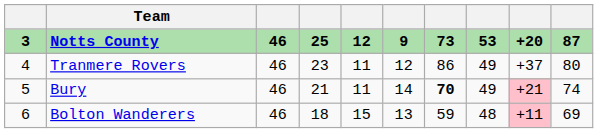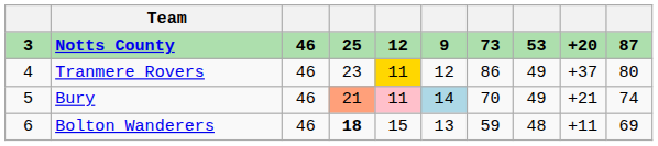 <table class="wikitable" style="text-align:center">
 <tr>
 <th width="30"></th>
 <th width="175">Team</th>
 <th width="30"></th>
 <th width="30"></th>
 <th width="30"></th>
 <th width="30"></th>
 <th width="30"></th>
 <th width="30"></th>
 <th width="30"></th>
 <th width="30"></th>
 </tr>
 <tr bgcolor=#ADDFAD>
 <td><strong>3</strong></td>
 <td align=left><strong><a href='#'>Notts County</a></strong></td>
 <td><strong>46</strong></td>
 <td><strong>25</strong></td>
 <td><strong>12</strong></td>
 <td><strong>9</strong></td>
 <td><strong>73</strong></td>
 <td><strong>53</strong></td>
 <td><strong>+20</strong></td>
 <td><strong>87</strong></td>
 </tr>
 <tr>
 <td>4</td>
 <td align=left><a href='#'>Tranmere Rovers</a></td>
 <td>46</td>
 <td>23</td>
-<td>11</td>
+<td style="background: gold;">11</td>
 <td>12</td>
 <td>86</td>
 <td>49</td>
 <td>+37</td>
 <td>80</td>
 </tr>
 <tr>
 <td>5</td>
 <td align=left><a href='#'>Bury</a></td>
 <td>46</td>
-<td>21</td>
-<td>11</td>
-<td>14</td>
-<td><strong>70</strong></td>
+<td style="background: lightsalmon;">21</td>
+<td style="background: pink;">11</td>
+<td style="background: lightblue;">14</td>
+<td>70</td>
 <td>49</td>
-<td style="background: pink;">+21</td>
+<td>+21</td>
 <td>74</td>
 </tr>
 <tr>
 <td>6</td>
 <td align=left><a href='#'>Bolton Wanderers</a></td>
 <td>46</td>
-<td>18</td>
+<td><strong>18</strong></td>
 <td>15</td>
 <td>13</td>
 <td>59</td>
 <td>48</td>
-<td style="background: pink;">+11</td>
+<td>+11</td>
 <td>69</td>
 </tr>
 </table>
